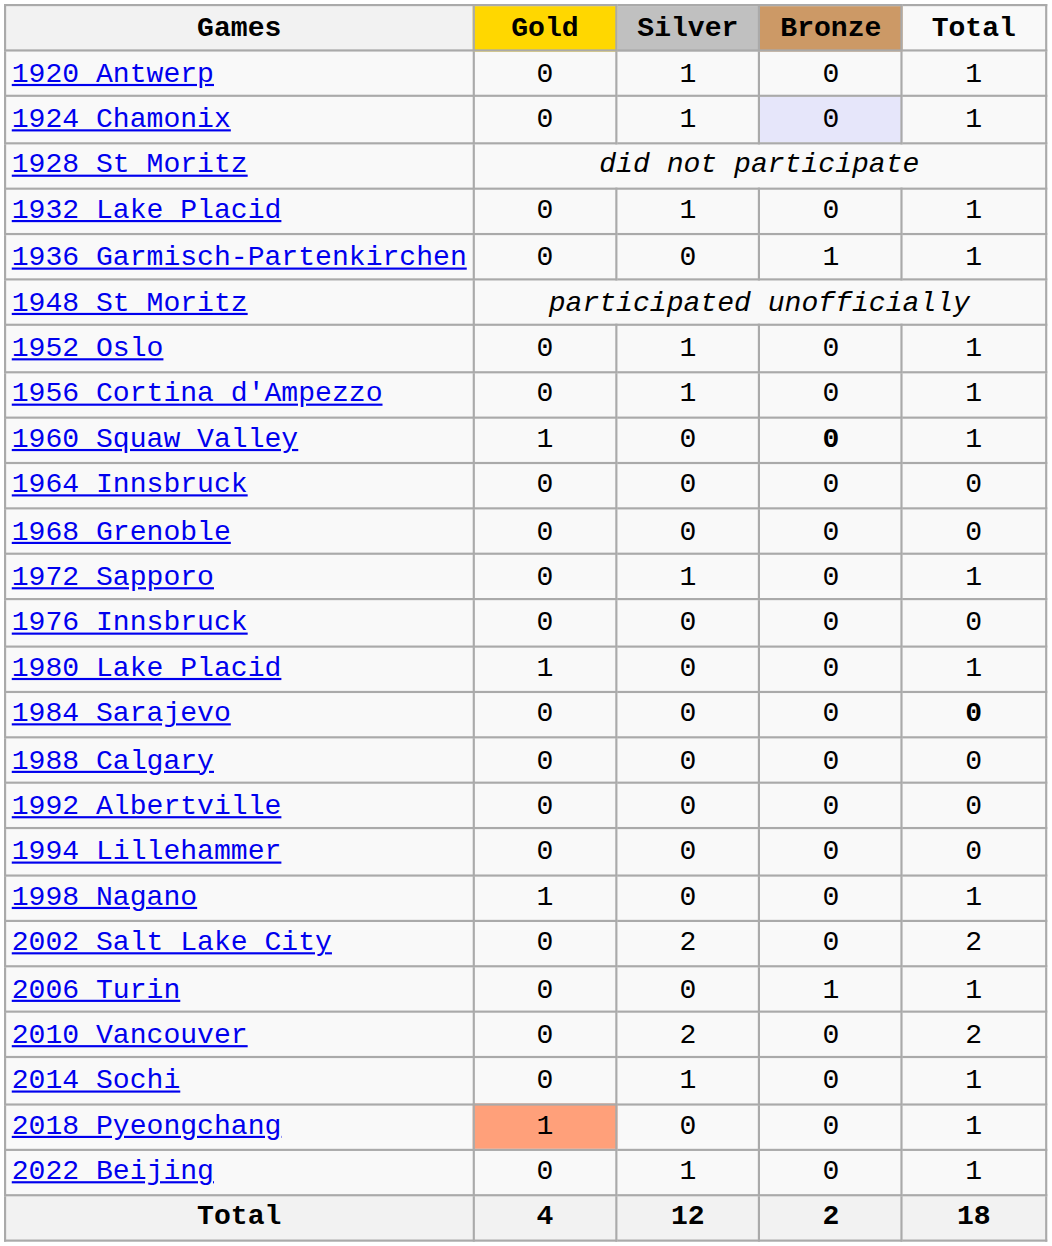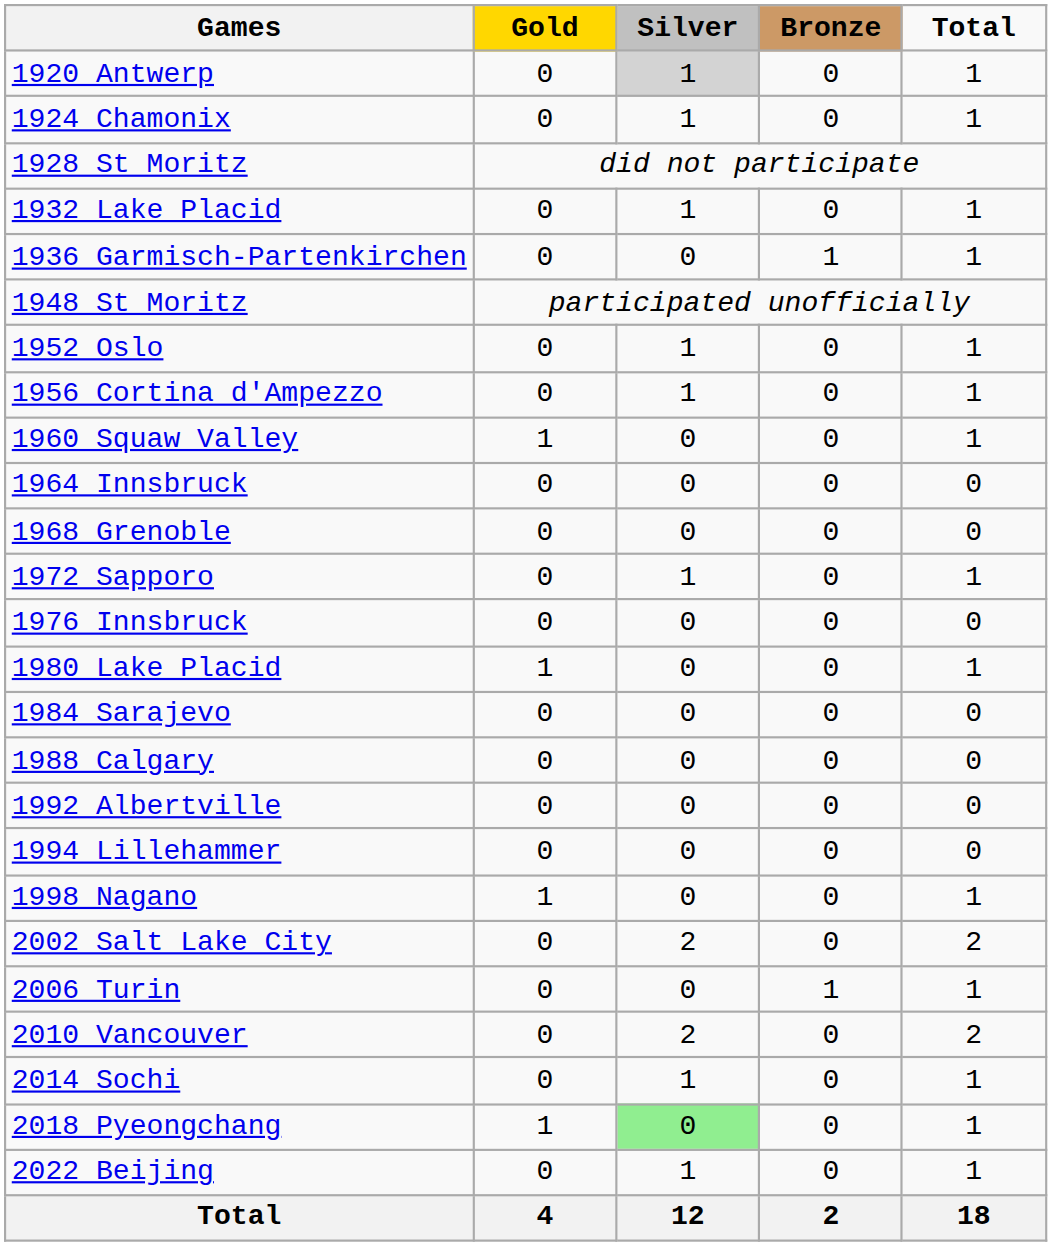 <table class="wikitable">
 <tr align=center>
 <th>Games</th>
 <td width=60 bgcolor=gold><strong>Gold</strong></td>
 <td width=60 bgcolor=silver><strong>Silver</strong></td>
 <td width=60 bgcolor=cc9966><strong>Bronze</strong></td>
 <td width=60><strong>Total</strong></td>
 </tr>
 <tr align=center>
 <td align=left><a href='#'>1920 Antwerp</a></td>
 <td>0</td>
-<td>1</td>
+<td style="background: lightgrey;">1</td>
 <td>0</td>
 <td>1</td>
 </tr>
 <tr align=center>
 <td align=left><a href='#'>1924 Chamonix</a></td>
 <td>0</td>
 <td>1</td>
-<td style="background: lavender;">0</td>
+<td>0</td>
 <td>1</td>
 </tr>
 <tr align=center>
 <td align=left><a href='#'>1928 St Moritz</a></td>
 <td colspan=7><em>did not participate</em></td>
 </tr>
 <tr align=center>
 <td align=left><a href='#'>1932 Lake Placid</a></td>
 <td>0</td>
 <td>1</td>
 <td>0</td>
 <td>1</td>
 </tr>
 <tr align=center>
 <td align=left><a href='#'>1936 Garmisch-Partenkirchen</a></td>
 <td>0</td>
 <td>0</td>
 <td>1</td>
 <td>1</td>
 </tr>
 <tr align=center>
 <td align=left><a href='#'>1948 St Moritz</a></td>
 <td colspan=7><em>participated unofficially</em></td>
 </tr>
 <tr align=center>
 <td align=left><a href='#'>1952 Oslo</a></td>
 <td>0</td>
 <td>1</td>
 <td>0</td>
 <td>1</td>
 </tr>
 <tr align=center>
 <td align=left><a href='#'>1956 Cortina d'Ampezzo</a></td>
 <td>0</td>
 <td>1</td>
 <td>0</td>
 <td>1</td>
 </tr>
 <tr align=center>
 <td align=left><a href='#'>1960 Squaw Valley</a></td>
 <td>1</td>
 <td>0</td>
-<td><strong>0</strong></td>
+<td>0</td>
 <td>1</td>
 </tr>
 <tr align=center>
 <td align=left><a href='#'>1964 Innsbruck</a></td>
 <td>0</td>
 <td>0</td>
 <td>0</td>
 <td>0</td>
 </tr>
 <tr align=center>
 <td align=left><a href='#'>1968 Grenoble</a></td>
 <td>0</td>
 <td>0</td>
 <td>0</td>
 <td>0</td>
 </tr>
 <tr align=center>
 <td align=left><a href='#'>1972 Sapporo</a></td>
 <td>0</td>
 <td>1</td>
 <td>0</td>
 <td>1</td>
 </tr>
 <tr align=center>
 <td align=left><a href='#'>1976 Innsbruck</a></td>
 <td>0</td>
 <td>0</td>
 <td>0</td>
 <td>0</td>
 </tr>
 <tr align=center>
 <td align=left><a href='#'>1980 Lake Placid</a></td>
 <td>1</td>
 <td>0</td>
 <td>0</td>
 <td>1</td>
 </tr>
 <tr align=center>
 <td align=left><a href='#'>1984 Sarajevo</a></td>
 <td>0</td>
 <td>0</td>
 <td>0</td>
-<td><strong>0</strong></td>
+<td>0</td>
 </tr>
 <tr align=center>
 <td align=left><a href='#'>1988 Calgary</a></td>
 <td>0</td>
 <td>0</td>
 <td>0</td>
 <td>0</td>
 </tr>
 <tr align=center>
 <td align=left><a href='#'>1992 Albertville</a></td>
 <td>0</td>
 <td>0</td>
 <td>0</td>
 <td>0</td>
 </tr>
 <tr align=center>
 <td align=left><a href='#'>1994 Lillehammer</a></td>
 <td>0</td>
 <td>0</td>
 <td>0</td>
 <td>0</td>
 </tr>
 <tr align=center>
 <td align=left><a href='#'>1998 Nagano</a></td>
 <td>1</td>
 <td>0</td>
 <td>0</td>
 <td>1</td>
 </tr>
 <tr align=center>
 <td align=left><a href='#'>2002 Salt Lake City</a></td>
 <td>0</td>
 <td>2</td>
 <td>0</td>
 <td>2</td>
 </tr>
 <tr align=center>
 <td align=left><a href='#'>2006 Turin</a></td>
 <td>0</td>
 <td>0</td>
 <td>1</td>
 <td>1</td>
 </tr>
 <tr align=center>
 <td align=left><a href='#'>2010 Vancouver</a></td>
 <td>0</td>
 <td>2</td>
 <td>0</td>
 <td>2</td>
 </tr>
 <tr align=center>
 <td align=left><a href='#'>2014 Sochi</a></td>
 <td>0</td>
 <td>1</td>
 <td>0</td>
 <td>1</td>
 </tr>
 <tr align=center>
 <td align=left><a href='#'>2018 Pyeongchang</a></td>
-<td style="background: lightsalmon;">1</td>
-<td>0</td>
+<td>1</td>
+<td style="background: lightgreen;">0</td>
 <td>0</td>
 <td>1</td>
 </tr>
 <tr align=center>
 <td align=left><a href='#'>2022 Beijing</a></td>
 <td>0</td>
 <td>1</td>
 <td>0</td>
 <td>1</td>
 </tr>
 <tr align=center>
 <th>Total</th>
 <th>4</th>
 <th>12</th>
 <th>2</th>
 <th>18</th>
 </tr>
 </table>
